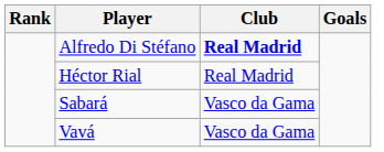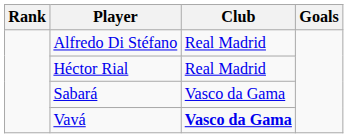 <table class="wikitable sortable">
 <tr>
 <th>Rank</th>
 <th>Player</th>
 <th>Club</th>
 <th>Goals</th>
 </tr>
 <tr>
 <td rowspan=4></td>
 <td> <a href='#'>Alfredo Di Stéfano</a></td>
-<td><strong> <a href='#'>Real Madrid</a></strong></td>
+<td> <a href='#'>Real Madrid</a></td>
 <td rowspan=4></td>
 </tr>
 <tr>
 <td> <a href='#'>Héctor Rial</a></td>
 <td> <a href='#'>Real Madrid</a></td>
 </tr>
 <tr>
 <td> <a href='#'>Sabará</a></td>
 <td> <a href='#'>Vasco da Gama</a></td>
 </tr>
 <tr>
 <td> <a href='#'>Vavá</a></td>
-<td> <a href='#'>Vasco da Gama</a></td>
+<td><strong> <a href='#'>Vasco da Gama</a></strong></td>
 </tr>
 </table>
